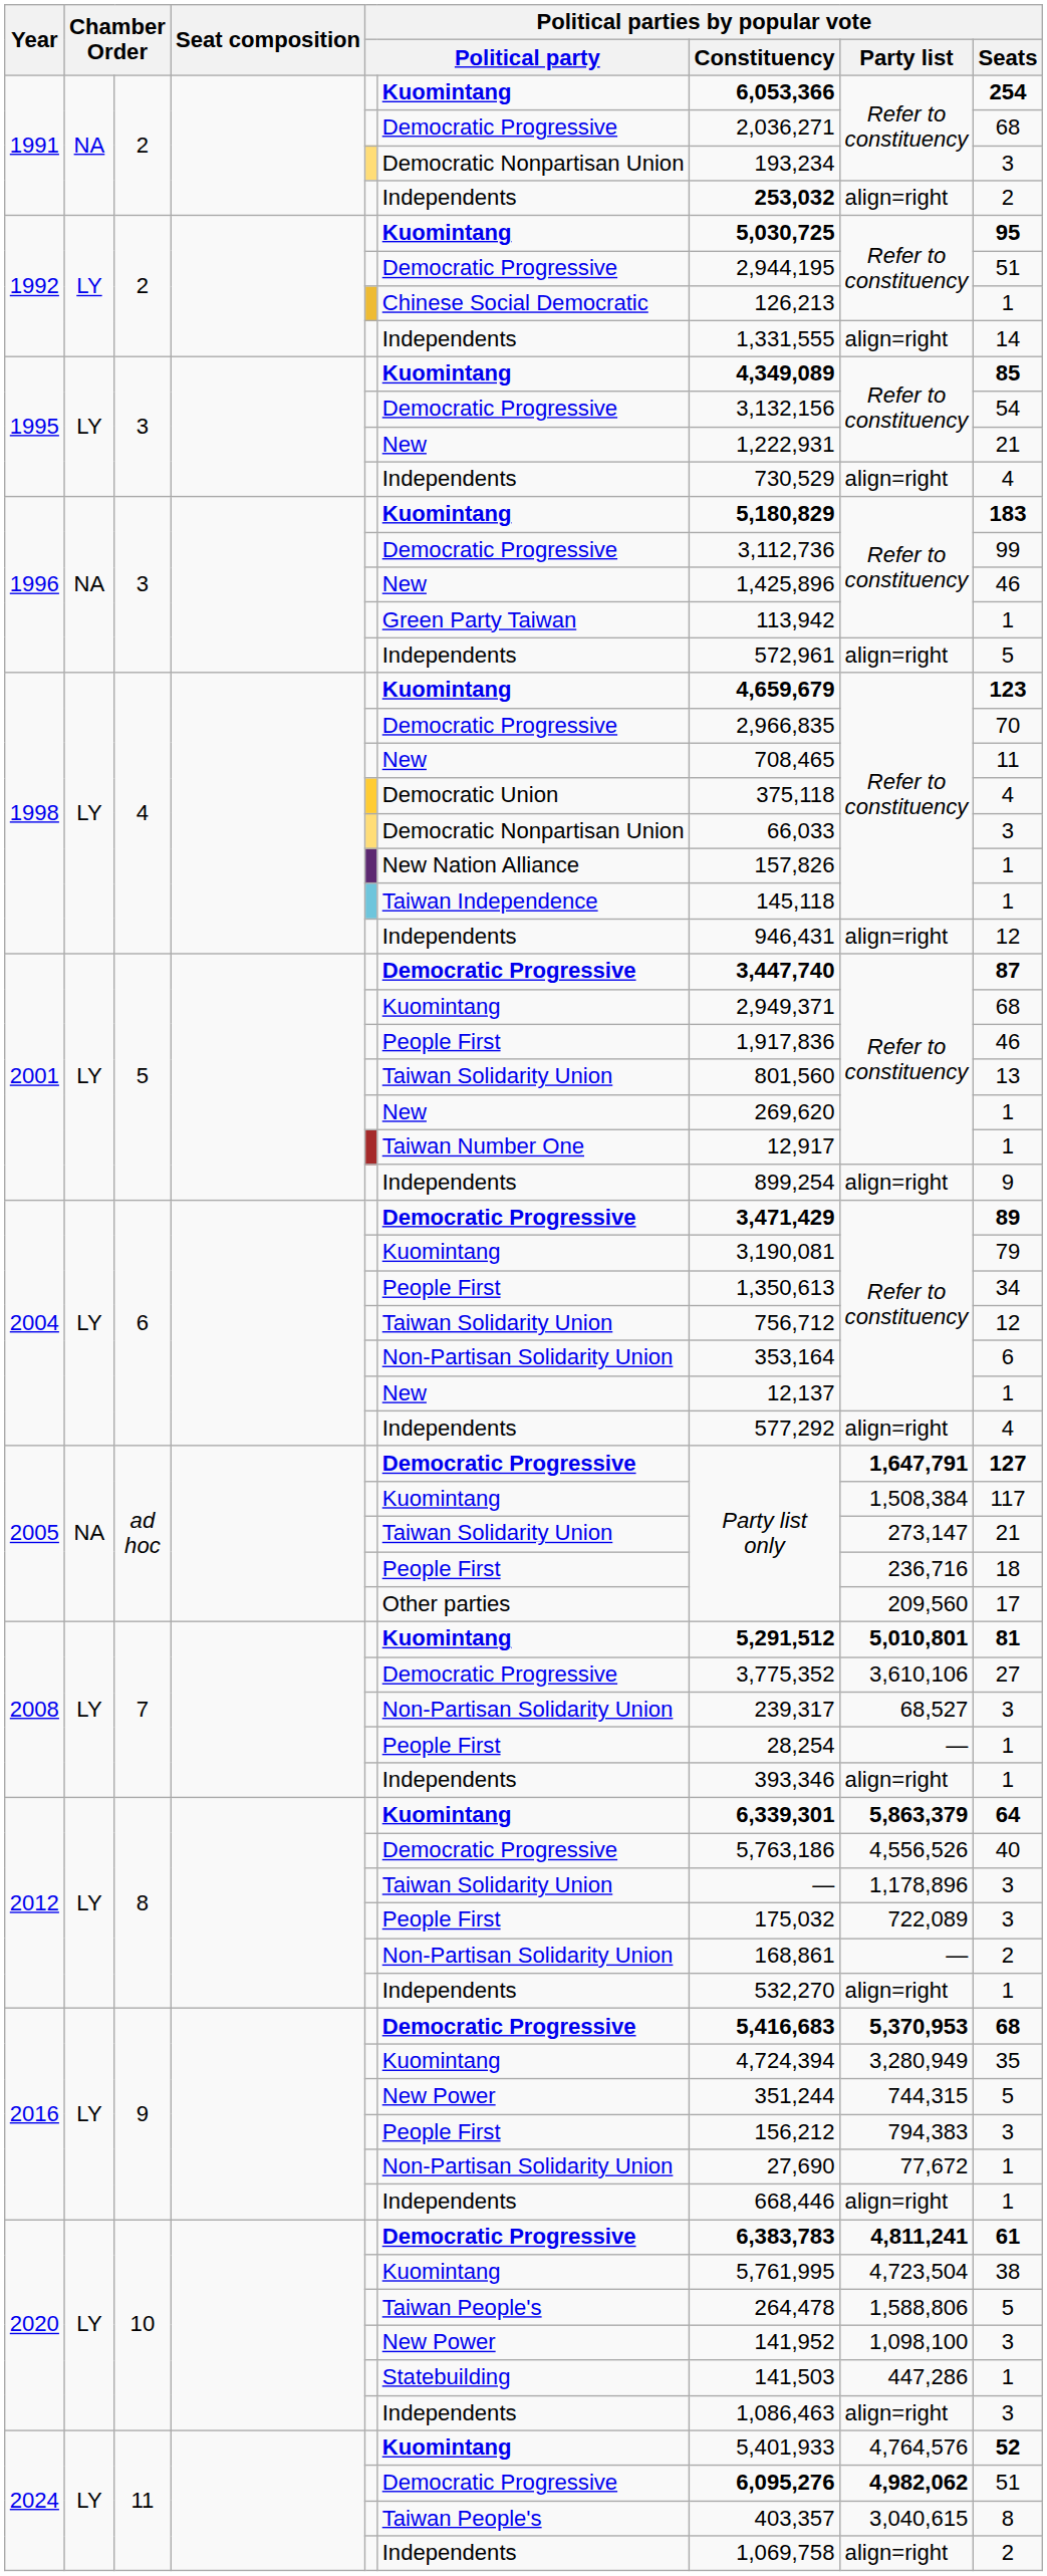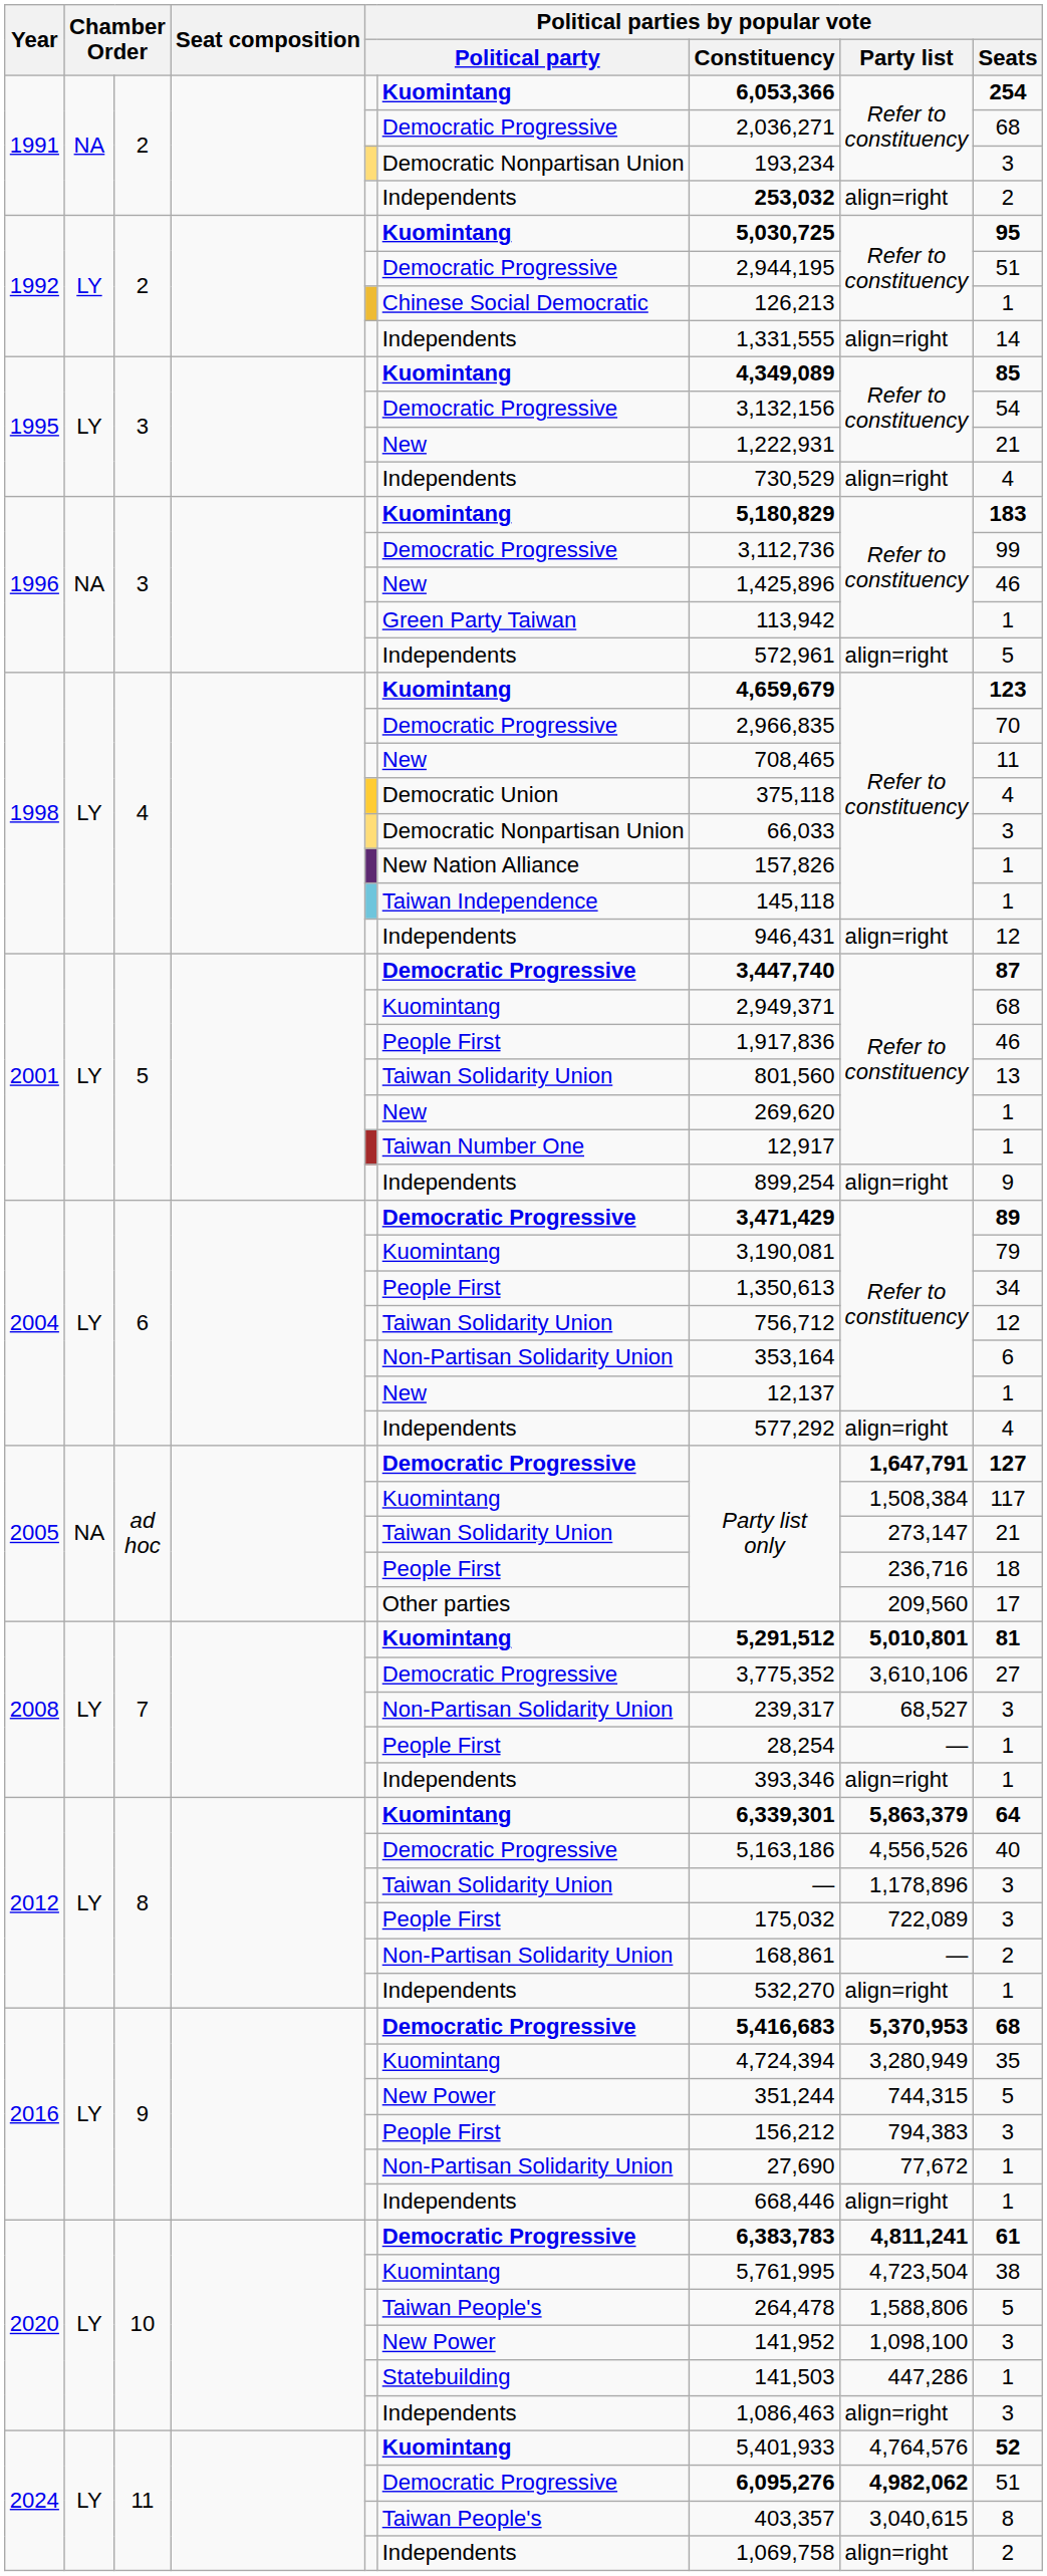 <table class=wikitable>
 <tr>
 <th rowspan=2>Year</th>
 <th rowspan=2 colspan=2>Chamber<br>Order</th>
 <th rowspan=2>Seat composition</th>
 <th colspan=5>Political parties by popular vote</th>
 </tr>
 <tr>
 <th colspan=2><a href='#'>Political party</a></th>
 <th>Constituency</th>
 <th>Party list</th>
 <th>Seats</th>
 </tr>
 <tr>
 <td rowspan=4><a href='#'>1991</a></td>
 <td rowspan=4 align=center><a href='#'>NA</a></td>
 <td rowspan=4 align=center>2</td>
 <td rowspan=4></td>
 <td style="background-color:"></td>
 <td><strong><a href='#'>Kuomintang</a></strong></td>
 <td align=right><strong>6,053,366</strong></td>
 <td rowspan=3 align=center><em>Refer to<br>constituency</em></td>
 <td align=center><strong>254</strong></td>
 </tr>
 <tr>
 <td style="background-color:"></td>
 <td><a href='#'>Democratic Progressive</a></td>
 <td align=right>2,036,271</td>
 <td align=center>68</td>
 </tr>
 <tr>
 <td style="background-color:#FFDD77; width: 1px;"></td>
 <td>Democratic Nonpartisan Union</td>
 <td align=right>193,234</td>
 <td align=center>3</td>
 </tr>
 <tr>
 <td style="background-color:"></td>
 <td>Independents</td>
 <td align=right><strong>253,032</strong></td>
 <td>align=right </td>
 <td align=center>2</td>
 </tr>
 <tr>
 <td rowspan=4><a href='#'>1992</a></td>
 <td rowspan=4 align=center><a href='#'>LY</a></td>
 <td rowspan=4 align=center>2</td>
 <td rowspan=4></td>
 <td style="background-color:"></td>
 <td><strong><a href='#'>Kuomintang</a></strong></td>
 <td align=right><strong>5,030,725</strong></td>
 <td rowspan=3 align=center><em>Refer to<br>constituency</em></td>
 <td align=center><strong>95</strong></td>
 </tr>
 <tr>
 <td style="background-color:"></td>
 <td><a href='#'>Democratic Progressive</a></td>
 <td align=right>2,944,195</td>
 <td align=center>51</td>
 </tr>
 <tr>
 <td style="background-color:#EEBB33; width: 1px;"></td>
 <td><a href='#'>Chinese Social Democratic</a></td>
 <td align=right>126,213</td>
 <td align=center>1</td>
 </tr>
 <tr>
 <td style="background-color:"></td>
 <td>Independents</td>
 <td align=right>1,331,555</td>
 <td>align=right </td>
 <td align=center>14</td>
 </tr>
 <tr>
 <td rowspan=4><a href='#'>1995</a></td>
 <td rowspan=4 align=center>LY</td>
 <td rowspan=4 align=center>3</td>
 <td rowspan=4></td>
 <td style="background-color:"></td>
 <td><strong><a href='#'>Kuomintang</a></strong></td>
 <td align=right><strong>4,349,089</strong></td>
 <td rowspan=3 align=center><em>Refer to<br>constituency</em></td>
 <td align=center><strong>85</strong></td>
 </tr>
 <tr>
 <td style="background-color:"></td>
 <td><a href='#'>Democratic Progressive</a></td>
 <td align=right>3,132,156</td>
 <td align=center>54</td>
 </tr>
 <tr>
 <td style="background-color:"></td>
 <td><a href='#'>New</a></td>
 <td align=right>1,222,931</td>
 <td align=center>21</td>
 </tr>
 <tr>
 <td style="background-color:"></td>
 <td>Independents</td>
 <td align=right>730,529</td>
 <td>align=right </td>
 <td align=center>4</td>
 </tr>
 <tr>
 <td rowspan=5><a href='#'>1996</a></td>
 <td rowspan=5 align=center>NA</td>
 <td rowspan=5 align=center>3</td>
 <td rowspan=5></td>
 <td style="background-color:"></td>
 <td><strong><a href='#'>Kuomintang</a></strong></td>
 <td align=right><strong>5,180,829</strong></td>
 <td rowspan=4 align=center><em>Refer to<br>constituency</em></td>
 <td align=center><strong>183</strong></td>
 </tr>
 <tr>
 <td style="background-color:"></td>
 <td><a href='#'>Democratic Progressive</a></td>
 <td align=right>3,112,736</td>
 <td align=center>99</td>
 </tr>
 <tr>
 <td style="background-color:"></td>
 <td><a href='#'>New</a></td>
 <td align=right>1,425,896</td>
 <td align=center>46</td>
 </tr>
 <tr>
 <td style="background-color:"></td>
 <td><a href='#'>Green Party Taiwan</a></td>
 <td align=right>113,942</td>
 <td align=center>1</td>
 </tr>
 <tr>
 <td style="background-color:"></td>
 <td>Independents</td>
 <td align=right>572,961</td>
 <td>align=right </td>
 <td align=center>5</td>
 </tr>
 <tr>
 <td rowspan=8><a href='#'>1998</a></td>
 <td rowspan=8 align=center>LY</td>
 <td rowspan=8 align=center>4</td>
 <td rowspan=8></td>
 <td style="background-color:"></td>
 <td><strong><a href='#'>Kuomintang</a></strong></td>
 <td align=right><strong>4,659,679</strong></td>
 <td rowspan=7 align=center><em>Refer to<br>constituency</em></td>
 <td align=center><strong>123</strong></td>
 </tr>
 <tr>
 <td style="background-color:"></td>
 <td><a href='#'>Democratic Progressive</a></td>
 <td align=right>2,966,835</td>
 <td align=center>70</td>
 </tr>
 <tr>
 <td style="background-color:"></td>
 <td><a href='#'>New</a></td>
 <td align=right>708,465</td>
 <td align=center>11</td>
 </tr>
 <tr>
 <td style="background-color:#FFCC33; width: 1px;"></td>
 <td>Democratic Union</td>
 <td align=right>375,118</td>
 <td align=center>4</td>
 </tr>
 <tr>
 <td style="background-color:#FFDD77; width: 1px;"></td>
 <td>Democratic Nonpartisan Union</td>
 <td align=right>66,033</td>
 <td align=center>3</td>
 </tr>
 <tr>
 <td style="background-color:#5d2971; width: 1px;"></td>
 <td>New Nation Alliance</td>
 <td align=right>157,826</td>
 <td align=center>1</td>
 </tr>
 <tr>
 <td style="background-color:#6ec5dc; width: 1px;"></td>
 <td><a href='#'>Taiwan Independence</a></td>
 <td align=right>145,118</td>
 <td align=center>1</td>
 </tr>
 <tr>
 <td style="background-color:"></td>
 <td>Independents</td>
 <td align=right>946,431</td>
 <td>align=right </td>
 <td align=center>12</td>
 </tr>
 <tr>
 <td rowspan=7><a href='#'>2001</a></td>
 <td rowspan=7 align=center>LY</td>
 <td rowspan=7 align=center>5</td>
 <td rowspan=7></td>
 <td style="background-color:"></td>
 <td><strong><a href='#'>Democratic Progressive</a></strong></td>
 <td align=right><strong>3,447,740</strong></td>
 <td rowspan=6 align=center><em>Refer to<br>constituency</em></td>
 <td align=center><strong>87</strong></td>
 </tr>
 <tr>
 <td style="background-color:"></td>
 <td><a href='#'>Kuomintang</a></td>
 <td align=right>2,949,371</td>
 <td align=center>68</td>
 </tr>
 <tr>
 <td style="background-color:"></td>
 <td><a href='#'>People First</a></td>
 <td align=right>1,917,836</td>
 <td align=center>46</td>
 </tr>
 <tr>
 <td style="background-color:"></td>
 <td><a href='#'>Taiwan Solidarity Union</a></td>
 <td align=right>801,560</td>
 <td align=center>13</td>
 </tr>
 <tr>
 <td style="background-color:"></td>
 <td><a href='#'>New</a></td>
 <td align=right>269,620</td>
 <td align=center>1</td>
 </tr>
 <tr>
 <td style="background-color:brown; width: 1px;"></td>
 <td><a href='#'>Taiwan Number One</a></td>
 <td align=right>12,917</td>
 <td align=center>1</td>
 </tr>
 <tr>
 <td style="background-color:"></td>
 <td>Independents</td>
 <td align=right>899,254</td>
 <td>align=right </td>
 <td align=center>9</td>
 </tr>
 <tr>
 <td rowspan=7><a href='#'>2004</a></td>
 <td rowspan=7 align=center>LY</td>
 <td rowspan=7 align=center>6</td>
 <td rowspan=7></td>
 <td style="background-color:"></td>
 <td><strong><a href='#'>Democratic Progressive</a></strong></td>
 <td align=right><strong>3,471,429</strong></td>
 <td rowspan=6 align=center><em>Refer to<br>constituency</em></td>
 <td align=center><strong>89</strong></td>
 </tr>
 <tr>
 <td style="background-color:"></td>
 <td><a href='#'>Kuomintang</a></td>
 <td align=right>3,190,081</td>
 <td align=center>79</td>
 </tr>
 <tr>
 <td style="background-color:"></td>
 <td><a href='#'>People First</a></td>
 <td align=right>1,350,613</td>
 <td align=center>34</td>
 </tr>
 <tr>
 <td style="background-color:"></td>
 <td><a href='#'>Taiwan Solidarity Union</a></td>
 <td align=right>756,712</td>
 <td align=center>12</td>
 </tr>
 <tr>
 <td style="background-color:"></td>
 <td><a href='#'>Non-Partisan Solidarity Union</a></td>
 <td align=right>353,164</td>
 <td align=center>6</td>
 </tr>
 <tr>
 <td style="background-color:"></td>
 <td><a href='#'>New</a></td>
 <td align=right>12,137</td>
 <td align=center>1</td>
 </tr>
 <tr>
 <td style="background-color:"></td>
 <td>Independents</td>
 <td align=right>577,292</td>
 <td>align=right </td>
 <td align=center>4</td>
 </tr>
 <tr>
 <td rowspan=5><a href='#'>2005</a></td>
 <td rowspan=5 align=center>NA</td>
 <td rowspan=5 align=center><em>ad<br>hoc</em></td>
 <td rowspan=5></td>
 <td style="background-color:"></td>
 <td><strong><a href='#'>Democratic Progressive</a></strong></td>
 <td rowspan=5 align=center><em>Party list<br>only</em></td>
 <td align=right><strong>1,647,791</strong></td>
 <td align=center><strong>127</strong></td>
 </tr>
 <tr>
 <td style="background-color:"></td>
 <td><a href='#'>Kuomintang</a></td>
 <td align=right>1,508,384</td>
 <td align=center>117</td>
 </tr>
 <tr>
 <td style="background-color:"></td>
 <td><a href='#'>Taiwan Solidarity Union</a></td>
 <td align=right>273,147</td>
 <td align=center>21</td>
 </tr>
 <tr>
 <td style="background-color:"></td>
 <td><a href='#'>People First</a></td>
 <td align=right>236,716</td>
 <td align=center>18</td>
 </tr>
 <tr>
 <td style="background-color:"></td>
 <td>Other parties</td>
 <td align=right>209,560</td>
 <td align=center>17</td>
 </tr>
 <tr>
 <td rowspan=5><a href='#'>2008</a></td>
 <td rowspan=5 align=center>LY</td>
 <td rowspan=5 align=center>7</td>
 <td rowspan=5></td>
 <td style="background-color:"></td>
 <td><strong><a href='#'>Kuomintang</a></strong></td>
 <td align=right><strong>5,291,512</strong></td>
 <td align=right><strong>5,010,801</strong></td>
 <td align=center><strong>81</strong></td>
 </tr>
 <tr>
 <td style="background-color:"></td>
 <td><a href='#'>Democratic Progressive</a></td>
 <td align=right>3,775,352</td>
 <td align=right>3,610,106</td>
 <td align=center>27</td>
 </tr>
 <tr>
 <td style="background-color:"></td>
 <td><a href='#'>Non-Partisan Solidarity Union</a></td>
 <td align=right>239,317</td>
 <td align=right>68,527</td>
 <td align=center>3</td>
 </tr>
 <tr>
 <td style="background-color:"></td>
 <td><a href='#'>People First</a></td>
 <td align=right>28,254</td>
 <td align=right>—</td>
 <td align=center>1</td>
 </tr>
 <tr>
 <td style="background-color:"></td>
 <td>Independents</td>
 <td align=right>393,346</td>
 <td>align=right </td>
 <td align=center>1</td>
 </tr>
 <tr>
 <td rowspan=6><a href='#'>2012</a></td>
 <td rowspan=6 align=center>LY</td>
 <td rowspan=6 align=center>8</td>
 <td rowspan=6></td>
 <td style="background-color:"></td>
 <td><strong><a href='#'>Kuomintang</a></strong></td>
 <td align=right><strong>6,339,301</strong></td>
 <td align=right><strong>5,863,379</strong></td>
 <td align=center><strong>64</strong></td>
 </tr>
 <tr>
 <td style="background-color:"></td>
 <td><a href='#'>Democratic Progressive</a></td>
-<td align=right>5,763,186</td>
+<td align=right>5,163,186</td>
 <td align=right>4,556,526</td>
 <td align=center>40</td>
 </tr>
 <tr>
 <td style="background-color:"></td>
 <td><a href='#'>Taiwan Solidarity Union</a></td>
 <td align=right>—</td>
 <td align=right>1,178,896</td>
 <td align=center>3</td>
 </tr>
 <tr>
 <td style="background-color:"></td>
 <td><a href='#'>People First</a></td>
 <td align=right>175,032</td>
 <td align=right>722,089</td>
 <td align=center>3</td>
 </tr>
 <tr>
 <td style="background-color:"></td>
 <td><a href='#'>Non-Partisan Solidarity Union</a></td>
 <td align=right>168,861</td>
 <td align=right>—</td>
 <td align=center>2</td>
 </tr>
 <tr>
 <td style="background-color:"></td>
 <td>Independents</td>
 <td align=right>532,270</td>
 <td>align=right </td>
 <td align=center>1</td>
 </tr>
 <tr>
 <td rowspan=6><a href='#'>2016</a></td>
 <td rowspan=6 align=center>LY</td>
 <td rowspan=6 align=center>9</td>
 <td rowspan=6></td>
 <td style="background-color:"></td>
 <td><strong><a href='#'>Democratic Progressive</a></strong></td>
 <td align=right><strong>5,416,683</strong></td>
 <td align=right><strong>5,370,953</strong></td>
 <td align=center><strong>68</strong></td>
 </tr>
 <tr>
 <td style="background-color:"></td>
 <td><a href='#'>Kuomintang</a></td>
 <td align=right>4,724,394</td>
 <td align=right>3,280,949</td>
 <td align=center>35</td>
 </tr>
 <tr>
 <td style="background-color:"></td>
 <td><a href='#'>New Power</a></td>
 <td align=right>351,244</td>
 <td align=right>744,315</td>
 <td align=center>5</td>
 </tr>
 <tr>
 <td style="background-color:"></td>
 <td><a href='#'>People First</a></td>
 <td align=right>156,212</td>
 <td align=right>794,383</td>
 <td align=center>3</td>
 </tr>
 <tr>
 <td style="background-color:"></td>
 <td><a href='#'>Non-Partisan Solidarity Union</a></td>
 <td align=right>27,690</td>
 <td align=right>77,672</td>
 <td align=center>1</td>
 </tr>
 <tr>
 <td style="background-color:"></td>
 <td>Independents</td>
 <td align=right>668,446</td>
 <td>align=right </td>
 <td align=center>1</td>
 </tr>
 <tr>
 <td rowspan=6><a href='#'>2020</a></td>
 <td rowspan=6 align=center>LY</td>
 <td rowspan=6 align=center>10</td>
 <td rowspan=6></td>
 <td style="background-color:"></td>
 <td><strong><a href='#'>Democratic Progressive</a></strong></td>
 <td align=right><strong>6,383,783</strong></td>
 <td align=right><strong>4,811,241</strong></td>
 <td align=center><strong>61</strong></td>
 </tr>
 <tr>
 <td style="background-color:"></td>
 <td><a href='#'>Kuomintang</a></td>
 <td align=right>5,761,995</td>
 <td align=right>4,723,504</td>
 <td align=center>38</td>
 </tr>
 <tr>
 <td style="background-color:"></td>
 <td><a href='#'>Taiwan People's</a></td>
 <td align=right>264,478</td>
 <td align=right>1,588,806</td>
 <td align=center>5</td>
 </tr>
 <tr>
 <td style="background-color:"></td>
 <td><a href='#'>New Power</a></td>
 <td align=right>141,952</td>
 <td align=right>1,098,100</td>
 <td align=center>3</td>
 </tr>
 <tr>
 <td style="background-color:"></td>
 <td><a href='#'>Statebuilding</a></td>
 <td align=right>141,503</td>
 <td align=right>447,286</td>
 <td align=center>1</td>
 </tr>
 <tr>
 <td style="background-color:"></td>
 <td>Independents</td>
 <td align=right>1,086,463</td>
 <td>align=right </td>
 <td align=center>3</td>
 </tr>
 <tr>
 <td rowspan=4><a href='#'>2024</a></td>
 <td rowspan=4 align=center>LY</td>
 <td rowspan=4 align=center>11</td>
 <td rowspan=4></td>
 <td style="background-color:"></td>
 <td><strong><a href='#'>Kuomintang</a></strong></td>
 <td align=right>5,401,933</td>
 <td align=right>4,764,576</td>
 <td align=center><strong>52</strong></td>
 </tr>
 <tr>
 <td style="background-color:"></td>
 <td><a href='#'>Democratic Progressive</a></td>
 <td align=right><strong>6,095,276</strong></td>
 <td align=right><strong>4,982,062</strong></td>
 <td align=center>51</td>
 </tr>
 <tr>
 <td style="background-color:"></td>
 <td><a href='#'>Taiwan People's</a></td>
 <td align=right>403,357</td>
 <td align=right>3,040,615</td>
 <td align=center>8</td>
 </tr>
 <tr>
 <td style="background-color:"></td>
 <td>Independents</td>
 <td align=right>1,069,758</td>
 <td>align=right </td>
 <td align=center>2</td>
 </tr>
 </table>
